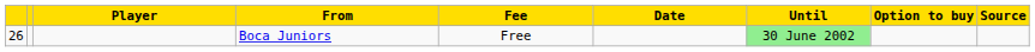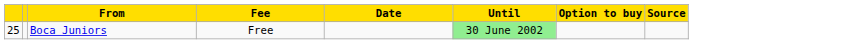 <table class="wikitable sortable">
 <tr>
 <th style="background:#FFDE00"></th>
 <th style="background:#FFDE00"></th>
-<th width=200 style="background:#FFDE00">Player</th>
 <th width=200 style="background:#FFDE00">From</th>
 <th width=150 style="background:#FFDE00">Fee</th>
 <th width=150 style="background:#FFDE00">Date</th>
 <th width=120 style="background:#FFDE00">Until</th>
 <th style="background:#FFDE00">Option to buy</th>
 <th style="background:#FFDE00">Source</th>
 </tr>
 <tr>
-<td align=center>26</td>
+<td align=center>25</td>
 <td align=center></td>
-<td></td>
 <td> <a href='#'>Boca Juniors</a></td>
 <td align=center>Free</td>
 <td align=center></td>
 <td align=center style="background: lightgreen;">30 June 2002</td>
 <td align=center></td>
 <td align=center></td>
 </tr>
 </table>
